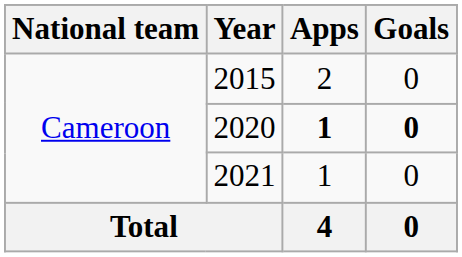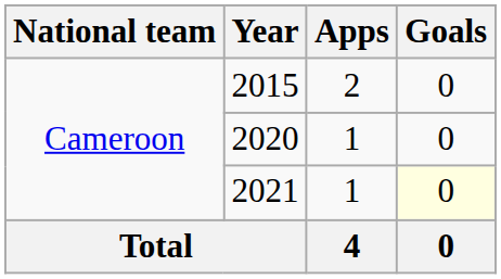 <table class="wikitable" style="text-align:center">
 <tr>
 <th>National team</th>
 <th>Year</th>
 <th>Apps</th>
 <th>Goals</th>
 </tr>
 <tr>
 <td rowspan="3"><a href='#'>Cameroon</a></td>
 <td>2015</td>
 <td>2</td>
 <td>0</td>
 </tr>
 <tr>
 <td>2020</td>
-<td><strong>1</strong></td>
-<td><strong>0</strong></td>
+<td>1</td>
+<td>0</td>
 </tr>
 <tr>
 <td>2021</td>
 <td>1</td>
-<td>0</td>
+<td style="background: lightyellow;">0</td>
 </tr>
 <tr>
 <th colspan="2">Total</th>
 <th>4</th>
 <th>0</th>
 </tr>
 </table>
